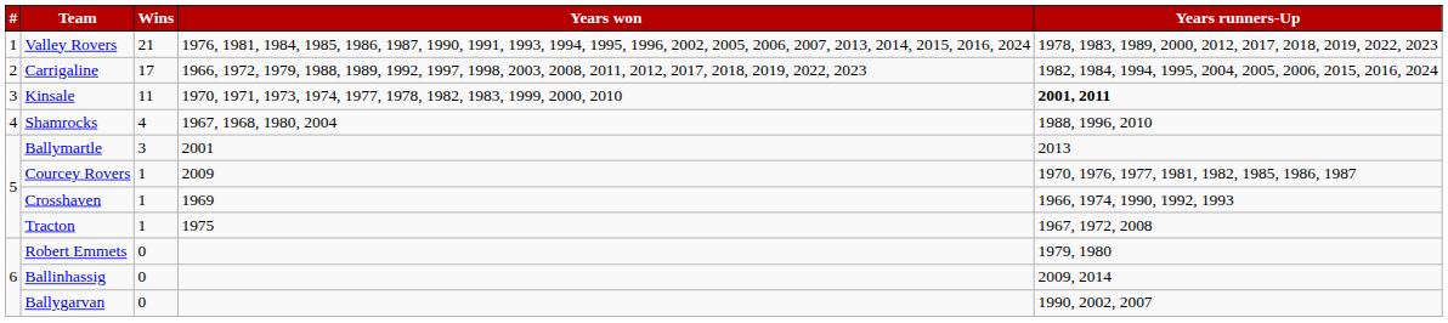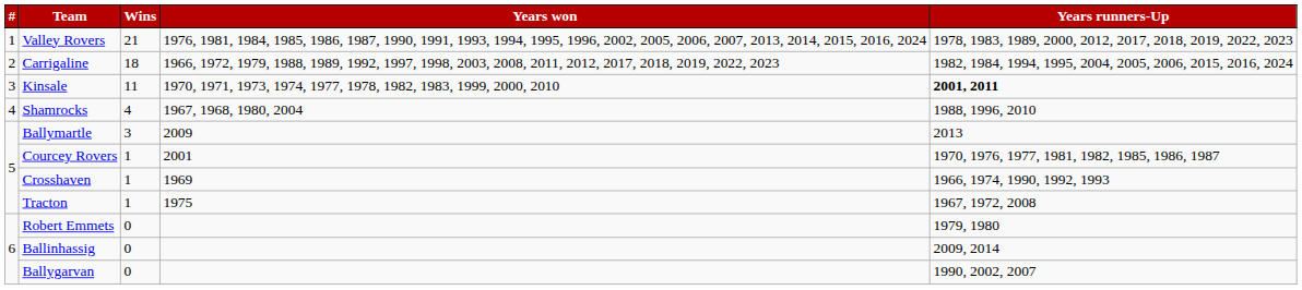 <table class="wikitable">
 <tr>
 <th style="background:#B60000;color:white;border:1px solid black">#</th>
 <th style="background:#B60000;color:white;border:1px solid black">Team</th>
 <th style="background:#B60000;color:white;border:1px solid black">Wins</th>
 <th style="background:#B60000;color:white;border:1px solid black">Years won</th>
 <th style="background:#B60000;color:white;border:1px solid black">Years runners-Up</th>
 </tr>
 <tr>
 <td>1</td>
 <td> <a href='#'>Valley Rovers</a></td>
 <td>21</td>
 <td>1976, 1981, 1984, 1985, 1986, 1987, 1990, 1991, 1993, 1994, 1995, 1996, 2002, 2005, 2006, 2007, 2013, 2014, 2015, 2016, 2024</td>
 <td>1978, 1983, 1989, 2000, 2012, 2017, 2018, 2019, 2022, 2023</td>
 </tr>
 <tr>
 <td>2</td>
 <td> <a href='#'>Carrigaline</a></td>
-<td>17</td>
+<td>18</td>
 <td>1966, 1972, 1979, 1988, 1989, 1992, 1997, 1998, 2003, 2008, 2011, 2012, 2017, 2018, 2019, 2022, 2023</td>
 <td>1982, 1984, 1994, 1995, 2004, 2005, 2006, 2015, 2016, 2024</td>
 </tr>
 <tr>
 <td>3</td>
 <td> <a href='#'>Kinsale</a></td>
 <td>11</td>
 <td>1970, 1971, 1973, 1974, 1977, 1978, 1982, 1983, 1999, 2000, 2010</td>
 <td><strong>2001, 2011</strong></td>
 </tr>
 <tr>
 <td>4</td>
 <td> <a href='#'>Shamrocks</a></td>
 <td>4</td>
 <td>1967, 1968, 1980, 2004</td>
 <td>1988, 1996, 2010</td>
 </tr>
 <tr>
 <td rowspan=4>5</td>
 <td> <a href='#'>Ballymartle</a></td>
 <td>3</td>
-<td>2001</td>
+<td>2009</td>
 <td>2013</td>
 </tr>
 <tr>
 <td> <a href='#'>Courcey Rovers</a></td>
 <td>1</td>
-<td>2009</td>
+<td>2001</td>
 <td>1970, 1976, 1977, 1981, 1982, 1985, 1986, 1987</td>
 </tr>
 <tr>
 <td> <a href='#'>Crosshaven</a></td>
 <td>1</td>
 <td>1969</td>
 <td>1966, 1974, 1990, 1992, 1993</td>
 </tr>
 <tr>
 <td> <a href='#'>Tracton</a></td>
 <td>1</td>
 <td>1975</td>
 <td>1967, 1972, 2008</td>
 </tr>
 <tr>
 <td rowspan=3>6</td>
 <td> <a href='#'>Robert Emmets</a></td>
 <td>0</td>
 <td></td>
 <td>1979, 1980</td>
 </tr>
 <tr>
 <td> <a href='#'>Ballinhassig</a></td>
 <td>0</td>
 <td></td>
 <td>2009, 2014</td>
 </tr>
 <tr>
 <td> <a href='#'>Ballygarvan</a></td>
 <td>0</td>
 <td></td>
 <td>1990, 2002, 2007</td>
 </tr>
 </table>
